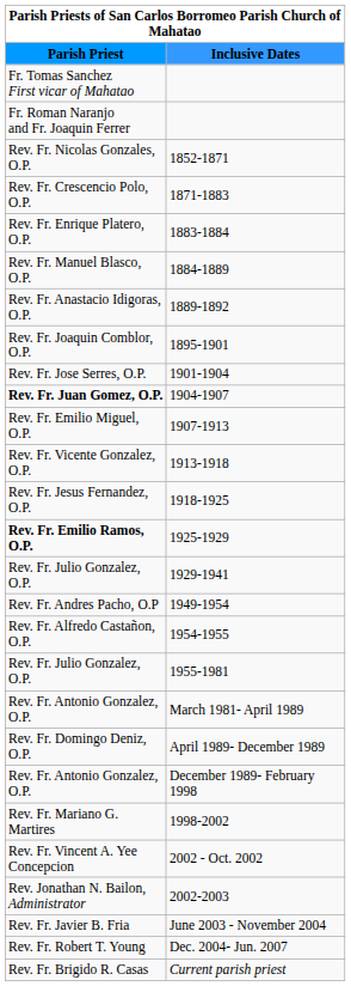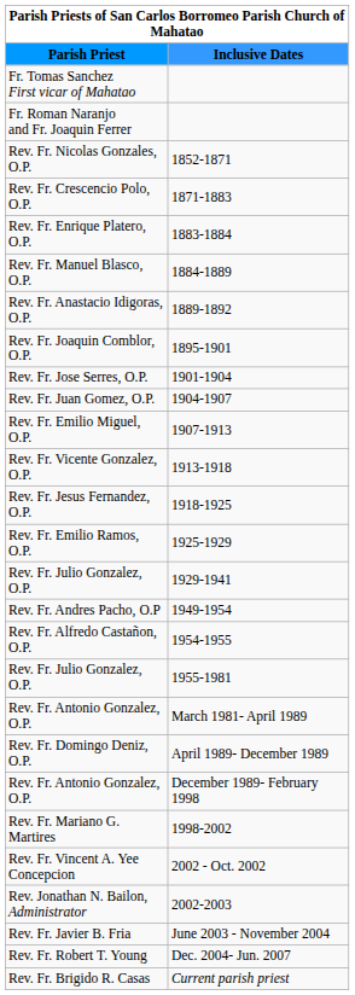 <table class="collapsible collapsed wikitable toccolours">
 <tr>
 <th style="background: white" colspan=3 align="center"><strong>Parish Priests of San Carlos Borromeo Parish Church of Mahatao</strong></th>
 </tr>
 <tr>
 <th scope="col" width="180" style="background:#09f;">Parish Priest</th>
 <th scope="col" width="200" style="background:#39f;">Inclusive Dates</th>
 </tr>
 <tr>
 <td>Fr. Tomas Sanchez<br><em>First vicar of Mahatao</em></td>
 <td></td>
 </tr>
 <tr>
 <td>Fr. Roman Naranjo <br> and Fr. Joaquin Ferrer</td>
 <td></td>
 </tr>
 <tr>
 <td>Rev. Fr. Nicolas Gonzales, O.P.</td>
 <td>1852-1871</td>
 </tr>
 <tr>
 <td>Rev. Fr. Crescencio Polo, O.P.</td>
 <td>1871-1883</td>
 </tr>
 <tr>
 <td>Rev. Fr. Enrique Platero, O.P.</td>
 <td>1883-1884</td>
 </tr>
 <tr>
 <td>Rev. Fr. Manuel Blasco, O.P.</td>
 <td>1884-1889</td>
 </tr>
 <tr>
 <td>Rev. Fr. Anastacio Idigoras, O.P.</td>
 <td>1889-1892</td>
 </tr>
 <tr>
 <td>Rev. Fr. Joaquin Comblor, O.P.</td>
 <td>1895-1901</td>
 </tr>
 <tr>
 <td>Rev. Fr. Jose Serres, O.P.</td>
 <td>1901-1904</td>
 </tr>
 <tr>
-<td><strong>Rev. Fr. Juan Gomez, O.P.</strong></td>
+<td>Rev. Fr. Juan Gomez, O.P.</td>
 <td>1904-1907</td>
 </tr>
 <tr>
 <td>Rev. Fr. Emilio Miguel, O.P.</td>
 <td>1907-1913</td>
 </tr>
 <tr>
 <td>Rev. Fr. Vicente Gonzalez, O.P.</td>
 <td>1913-1918</td>
 </tr>
 <tr>
 <td>Rev. Fr. Jesus Fernandez, O.P.</td>
 <td>1918-1925</td>
 </tr>
 <tr>
-<td><strong>Rev. Fr. Emilio Ramos, O.P.</strong></td>
+<td>Rev. Fr. Emilio Ramos, O.P.</td>
 <td>1925-1929</td>
 </tr>
 <tr>
 <td>Rev. Fr. Julio Gonzalez, O.P.</td>
 <td>1929-1941</td>
 </tr>
 <tr>
 <td>Rev. Fr. Andres Pacho, O.P</td>
 <td>1949-1954</td>
 </tr>
 <tr>
 <td>Rev. Fr. Alfredo Castañon, O.P.</td>
 <td>1954-1955</td>
 </tr>
 <tr>
 <td>Rev. Fr. Julio Gonzalez, O.P.</td>
 <td>1955-1981</td>
 </tr>
 <tr>
 <td>Rev. Fr. Antonio Gonzalez, O.P.</td>
 <td>March 1981- April 1989</td>
 </tr>
 <tr>
 <td>Rev. Fr. Domingo Deniz, O.P.</td>
 <td>April 1989- December 1989</td>
 </tr>
 <tr>
 <td>Rev. Fr. Antonio Gonzalez, O.P.</td>
 <td>December 1989- February 1998</td>
 </tr>
 <tr>
 <td>Rev. Fr. Mariano G. Martires</td>
 <td>1998-2002</td>
 </tr>
 <tr>
 <td>Rev. Fr. Vincent A. Yee Concepcion</td>
 <td>2002 - Oct. 2002</td>
 </tr>
 <tr>
 <td>Rev. Jonathan N. Bailon, <em>Administrator</em></td>
 <td>2002-2003</td>
 </tr>
 <tr>
 <td>Rev. Fr. Javier B. Fria</td>
 <td>June 2003 - November 2004</td>
 </tr>
 <tr>
 <td>Rev. Fr. Robert T. Young</td>
 <td>Dec. 2004- Jun. 2007</td>
 </tr>
 <tr>
 <td>Rev. Fr. Brigido R. Casas</td>
 <td><em>Current parish priest</em></td>
 </tr>
 </table>
